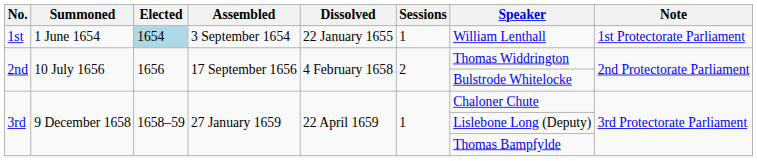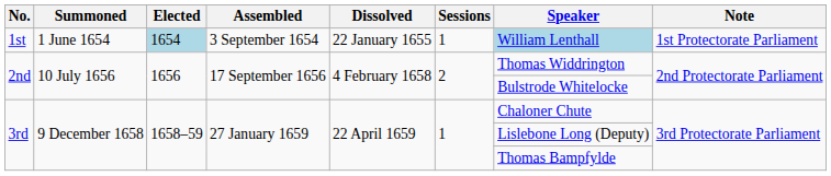 <table class="wikitable">
 <tr>
 <th>No.</th>
 <th>Summoned</th>
 <th>Elected</th>
 <th>Assembled</th>
 <th>Dissolved</th>
 <th>Sessions</th>
 <th><a href='#'>Speaker</a></th>
 <th>Note</th>
 </tr>
 <tr>
 <td><a href='#'>1st</a></td>
 <td>1 June 1654</td>
 <td style="background: lightblue;">1654</td>
 <td>3 September 1654</td>
 <td>22 January 1655</td>
 <td>1</td>
-<td><a href='#'>William Lenthall</a></td>
+<td style="background: lightblue;"><a href='#'>William Lenthall</a></td>
 <td><a href='#'>1st Protectorate Parliament</a></td>
 </tr>
 <tr>
 <td rowspan="2"><a href='#'>2nd</a></td>
 <td rowspan="2">10 July 1656</td>
 <td rowspan="2">1656</td>
 <td rowspan="2">17 September 1656</td>
 <td rowspan="2">4 February 1658</td>
 <td rowspan="2">2</td>
 <td><a href='#'>Thomas Widdrington</a></td>
 <td rowspan="2"><a href='#'>2nd Protectorate Parliament</a></td>
 </tr>
 <tr>
 <td><a href='#'>Bulstrode Whitelocke</a></td>
 </tr>
 <tr>
 <td rowspan="3"><a href='#'>3rd</a></td>
 <td rowspan="3">9 December 1658</td>
 <td rowspan="3">1658–59</td>
 <td rowspan="3">27 January 1659</td>
 <td rowspan="3">22 April 1659</td>
 <td rowspan="3">1</td>
 <td><a href='#'>Chaloner Chute</a></td>
 <td rowspan="3"><a href='#'>3rd Protectorate Parliament</a></td>
 </tr>
 <tr>
 <td><a href='#'>Lislebone Long</a> (Deputy)</td>
 </tr>
 <tr>
 <td><a href='#'>Thomas Bampfylde</a></td>
 </tr>
 </table>
